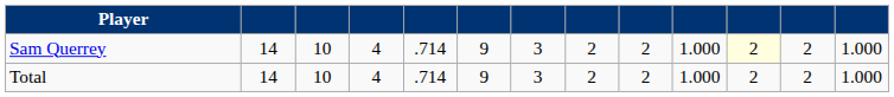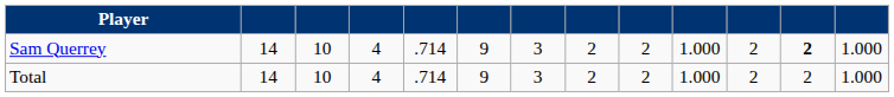 <table class="wikitable" style="text-align:center">
 <tr>
 <th style="background:#003372; color:#fff" width="200px">Player</th>
 <th style="background:#003372; color:#fff" width="40px"></th>
 <th style="background:#003372; color:#fff" width="40px"></th>
 <th style="background:#003372; color:#fff" width="40px"></th>
 <th style="background:#003372; color:#fff" width="40px"></th>
 <th style="background:#003372; color:#fff" width="40px"></th>
 <th style="background:#003372; color:#fff" width="40px"></th>
 <th style="background:#003372; color:#fff" width="40px"></th>
 <th style="background:#003372; color:#fff" width="40px"></th>
 <th style="background:#003372; color:#fff" width="40px"></th>
 <th style="background:#003372; color:#fff" width="40px"></th>
 <th style="background:#003372; color:#fff" width="40px"></th>
 <th style="background:#003372; color:#fff" width="40px"></th>
 </tr>
 <tr>
 <td style="text-align:left"><a href='#'>Sam Querrey</a></td>
 <td>14</td>
 <td>10</td>
 <td>4</td>
 <td>.714</td>
 <td>9</td>
 <td>3</td>
 <td>2</td>
 <td>2</td>
 <td>1.000</td>
-<td style="background: lightyellow;">2</td>
 <td>2</td>
+<td><strong>2</strong></td>
 <td>1.000</td>
 </tr>
 <tr>
 <td style="text-align:left">Total</td>
 <td>14</td>
 <td>10</td>
 <td>4</td>
 <td>.714</td>
 <td>9</td>
 <td>3</td>
 <td>2</td>
 <td>2</td>
 <td>1.000</td>
 <td>2</td>
 <td>2</td>
 <td>1.000</td>
 </tr>
 </table>
